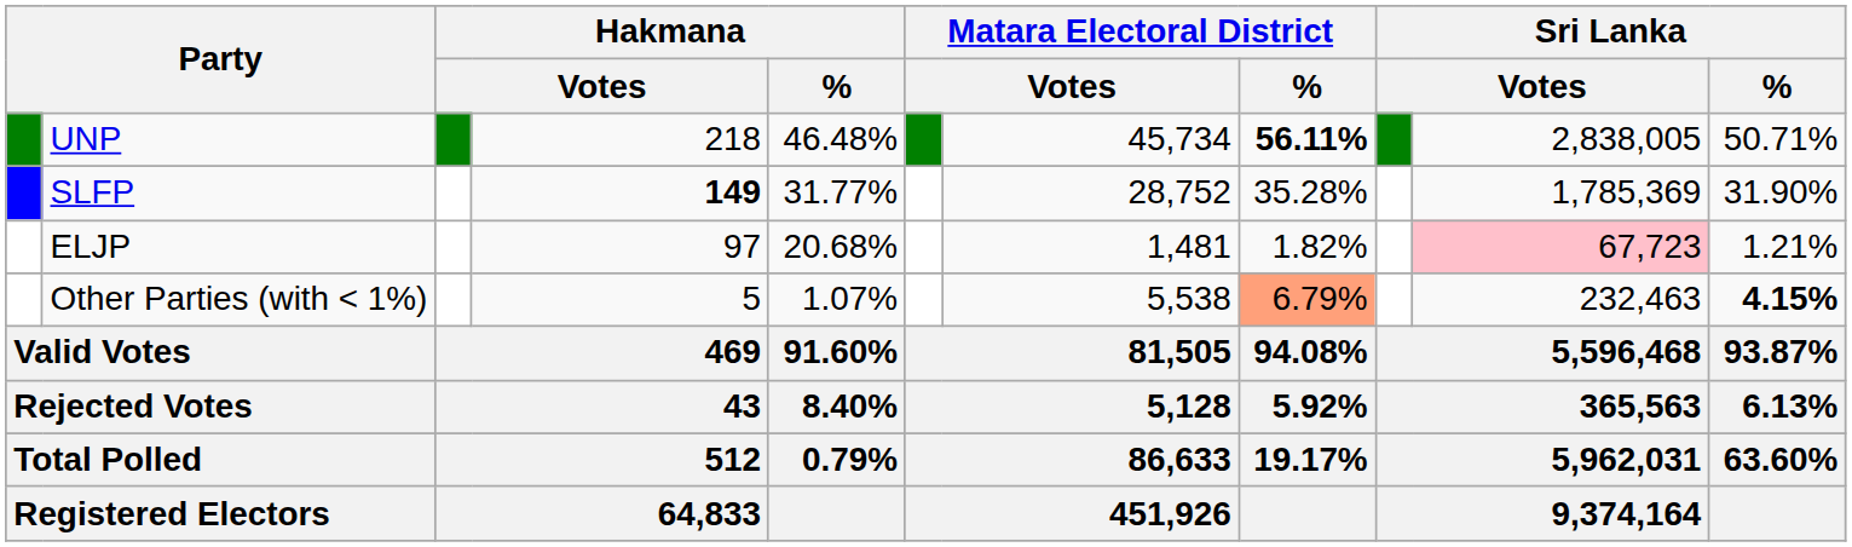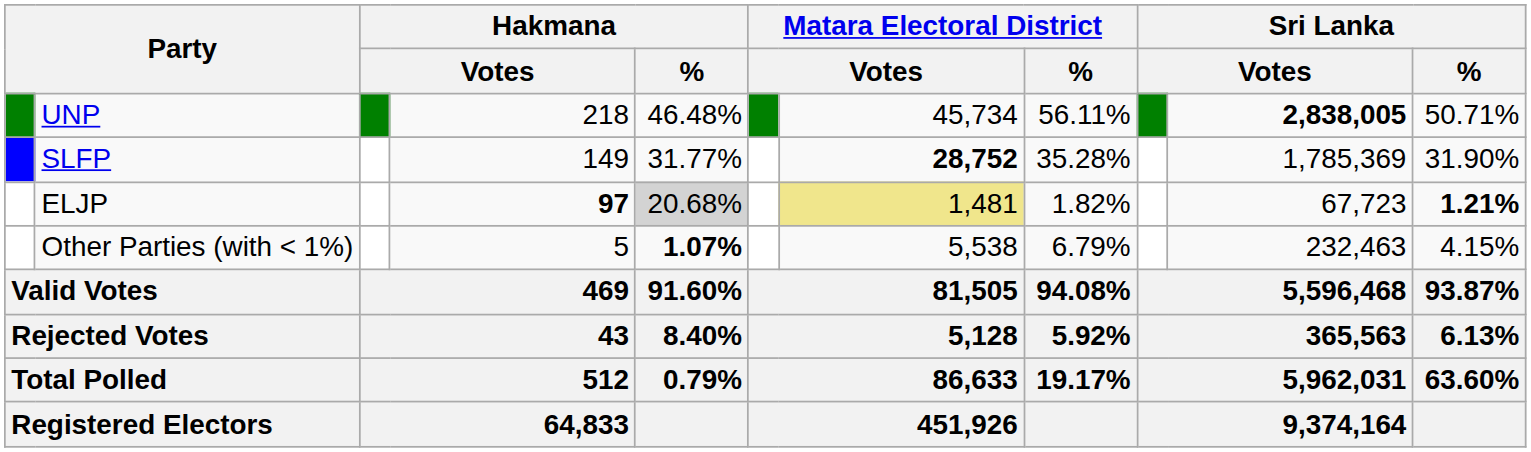 <table class="wikitable">
 <tr>
 <th colspan="2" width="144px"rowspan="2">Party</th>
 <th colspan="3" width="216px">Hakmana</th>
 <th colspan="3" width="216px"><a href='#'>Matara Electoral District</a></th>
 <th colspan="3" width="216px">Sri Lanka</th>
 </tr>
 <tr>
 <th colspan="2" width="144px">Votes</th>
 <th>%</th>
 <th colspan="2" width="144px">Votes</th>
 <th>%</th>
 <th colspan="2" width="144px">Votes</th>
 <th>%</th>
 </tr>
 <tr>
 <td style="background-color:green;" width="10px"></td>
 <td style="text-align:left;"><a href='#'>UNP</a></td>
 <td style="background-color:green;" width="10px"></td>
 <td style="text-align:right;">218</td>
 <td style="text-align:right;">46.48%</td>
 <td style="background-color:green;" width="10px"></td>
 <td style="text-align:right;">45,734</td>
-<td style="text-align:right;"><strong>56.11%</strong></td>
+<td style="text-align:right;">56.11%</td>
 <td style="background-color:green;" width="10px"></td>
-<td style="text-align:right;">2,838,005</td>
+<td style="text-align:right;"><strong>2,838,005</strong></td>
 <td style="text-align:right;">50.71%</td>
 </tr>
 <tr>
 <td style="background-color:blue;" width="10px"></td>
 <td style="text-align:left;"><a href='#'>SLFP</a></td>
 <td style="background-color:white;" width="10px"></td>
-<td style="text-align:right;"><strong>149</strong></td>
+<td style="text-align:right;">149</td>
 <td style="text-align:right;">31.77%</td>
 <td style="background-color:white;" width="10px"></td>
-<td style="text-align:right;">28,752</td>
+<td style="text-align:right;"><strong>28,752</strong></td>
 <td style="text-align:right;">35.28%</td>
 <td style="background-color:white;" width="10px"></td>
 <td style="text-align:right;">1,785,369</td>
 <td style="text-align:right;">31.90%</td>
 </tr>
 <tr>
 <td style="background-color:white;" width="10px"></td>
 <td style="text-align:left;">ELJP</td>
 <td style="background-color:white;" width="10px"></td>
-<td style="text-align:right;">97</td>
-<td style="text-align:right;">20.68%</td>
+<td style="text-align:right;"><strong>97</strong></td>
+<td style="background: lightgrey; text-align:right;">20.68%</td>
 <td style="background-color:white;" width="10px"></td>
-<td style="text-align:right;">1,481</td>
+<td style="background: khaki; text-align:right;">1,481</td>
 <td style="text-align:right;">1.82%</td>
 <td style="background-color:white;" width="10px"></td>
-<td style="background: pink; text-align:right;">67,723</td>
-<td style="text-align:right;">1.21%</td>
+<td style="text-align:right;">67,723</td>
+<td style="text-align:right;"><strong>1.21%</strong></td>
 </tr>
 <tr>
 <td style="background-color:white;" width="10px"></td>
 <td style="text-align:left;">Other Parties (with < 1%)</td>
 <td style="background-color:white;" width="10px"></td>
 <td style="text-align:right;">5</td>
-<td style="text-align:right;">1.07%</td>
+<td style="text-align:right;"><strong>1.07%</strong></td>
 <td style="background-color:white;" width="10px"></td>
 <td style="text-align:right;">5,538</td>
-<td style="background: lightsalmon; text-align:right;">6.79%</td>
+<td style="text-align:right;">6.79%</td>
 <td style="background-color:white;" width="10px"></td>
 <td style="text-align:right;">232,463</td>
-<td style="text-align:right;"><strong>4.15%</strong></td>
+<td style="text-align:right;">4.15%</td>
 </tr>
 <tr>
 <th colspan="2" width="144px"style="text-align:left;">Valid Votes</th>
 <th style="text-align:right;"colspan="2" width="144px">469</th>
 <th style="text-align:right;">91.60%</th>
 <th style="text-align:right;"colspan="2" width="144px">81,505</th>
 <th style="text-align:right;">94.08%</th>
 <th style="text-align:right;"colspan="2" width="144px">5,596,468</th>
 <th style="text-align:right;">93.87%</th>
 </tr>
 <tr>
 <th colspan="2" width="144px"style="text-align:left;">Rejected Votes</th>
 <th style="text-align:right;"colspan="2" width="144px">43</th>
 <th style="text-align:right;">8.40%</th>
 <th style="text-align:right;"colspan="2" width="144px">5,128</th>
 <th style="text-align:right;">5.92%</th>
 <th style="text-align:right;"colspan="2" width="144px">365,563</th>
 <th style="text-align:right;">6.13%</th>
 </tr>
 <tr>
 <th colspan="2" width="144px"style="text-align:left;">Total Polled</th>
 <th style="text-align:right;"colspan="2" width="144px">512</th>
 <th style="text-align:right;">0.79%</th>
 <th style="text-align:right;"colspan="2" width="144px">86,633</th>
 <th style="text-align:right;">19.17%</th>
 <th style="text-align:right;"colspan="2" width="144px">5,962,031</th>
 <th style="text-align:right;">63.60%</th>
 </tr>
 <tr>
 <th colspan="2" width="144px"style="text-align:left;">Registered Electors</th>
 <th style="text-align:right;"colspan="2" width="144px">64,833</th>
 <th></th>
 <th style="text-align:right;"colspan="2" width="144px">451,926</th>
 <th></th>
 <th style="text-align:right;"colspan="2" width="144px">9,374,164</th>
 <th></th>
 </tr>
 </table>
